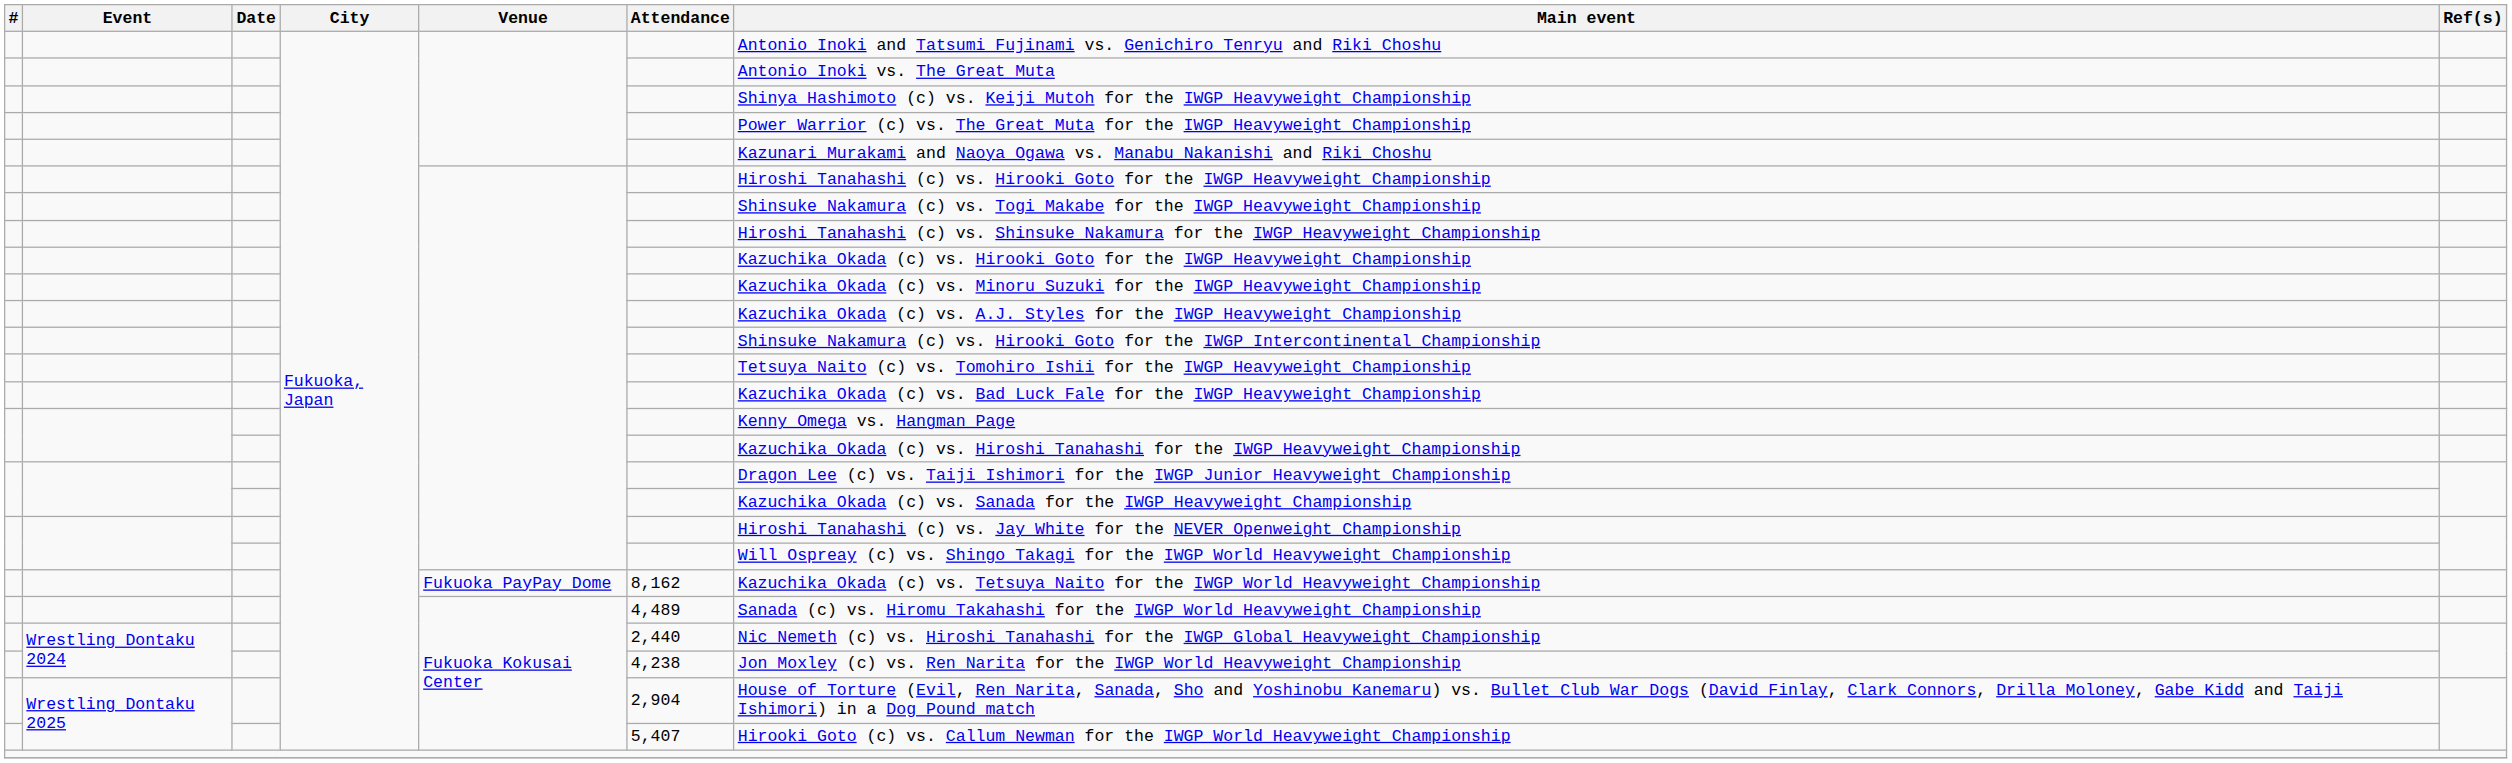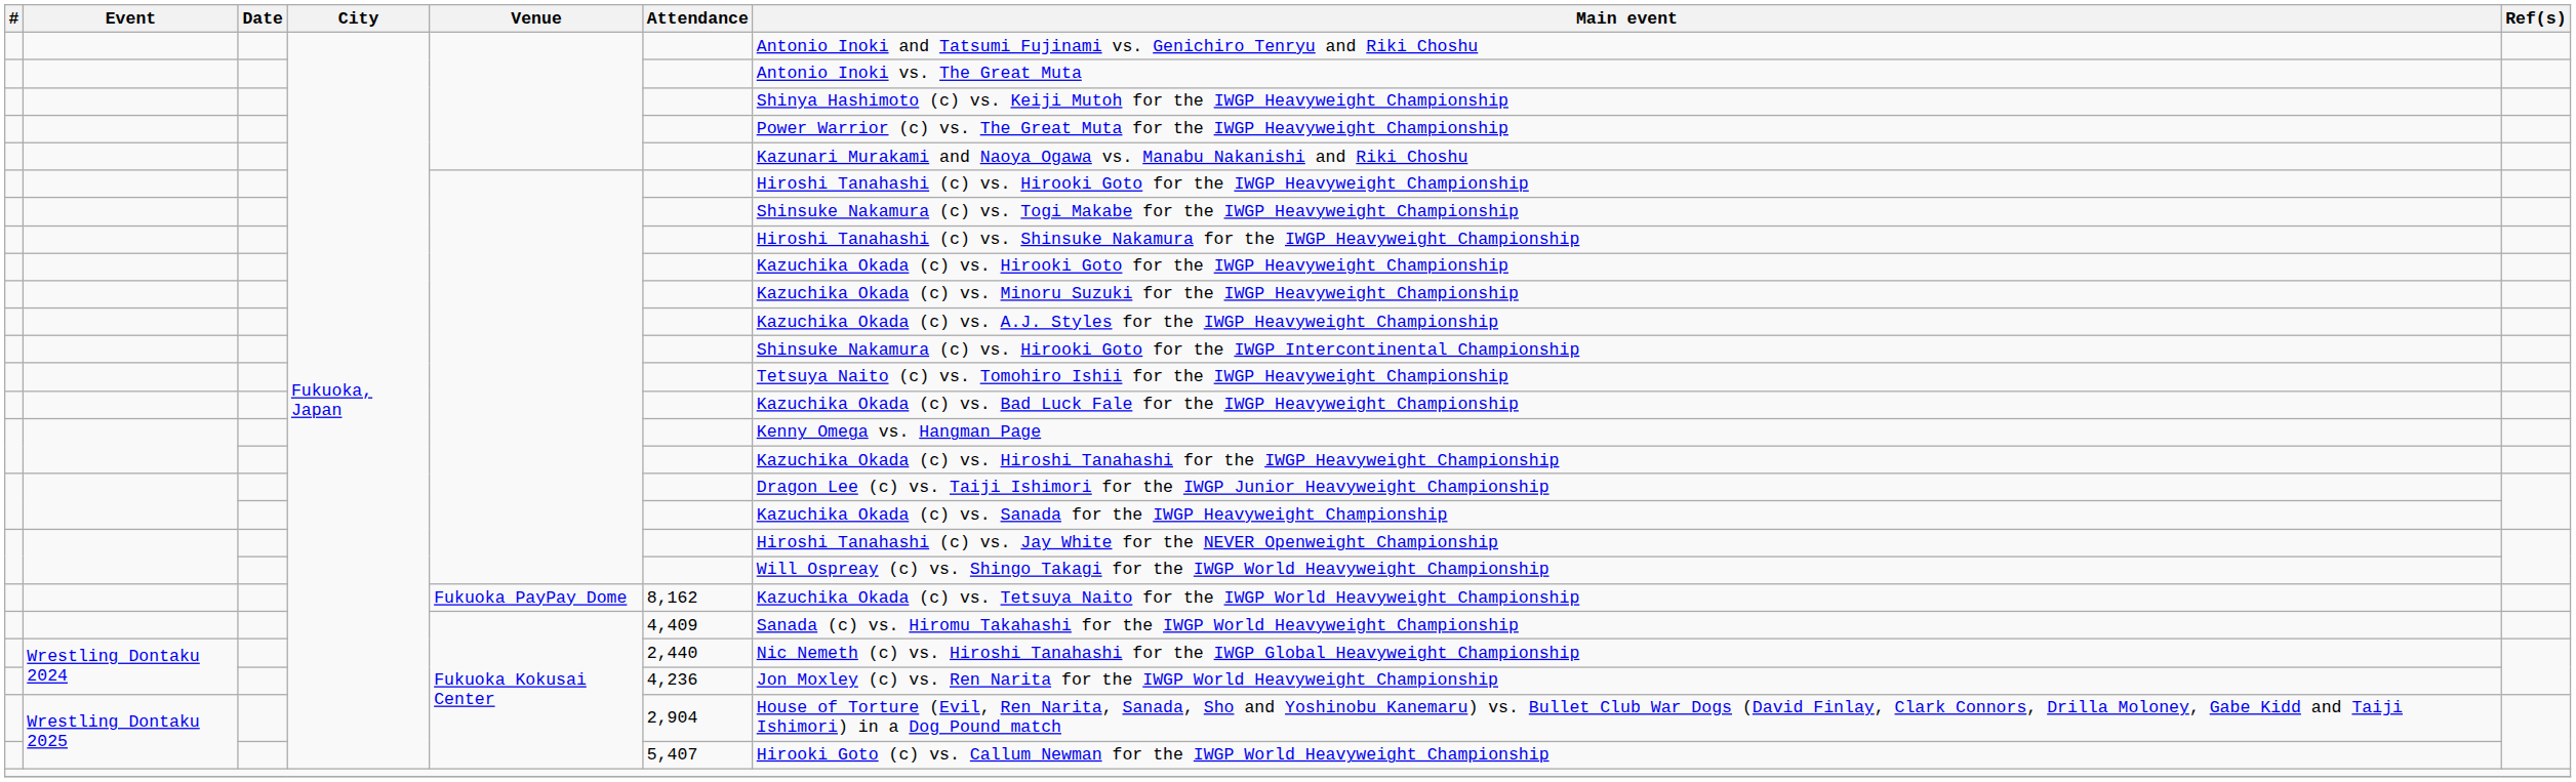 <table class="wikitable sortable" align="center">
 <tr>
 <th>#</th>
 <th>Event</th>
 <th>Date</th>
 <th>City</th>
 <th>Venue</th>
 <th>Attendance</th>
 <th>Main event</th>
 <th>Ref(s)</th>
 </tr>
 <tr>
 <td></td>
 <td></td>
 <td></td>
 <td rowspan="26"><a href='#'>Fukuoka, Japan</a></td>
 <td rowspan="5"></td>
 <td></td>
 <td align="left"><a href='#'>Antonio Inoki</a> and <a href='#'>Tatsumi Fujinami</a> vs. <a href='#'>Genichiro Tenryu</a> and <a href='#'>Riki Choshu</a></td>
 <td></td>
 </tr>
 <tr>
 <td></td>
 <td></td>
 <td></td>
 <td></td>
 <td align="left"><a href='#'>Antonio Inoki</a> vs. <a href='#'>The Great Muta</a></td>
 <td></td>
 </tr>
 <tr>
 <td></td>
 <td></td>
 <td></td>
 <td></td>
 <td align="left"><a href='#'>Shinya Hashimoto</a> (c) vs. <a href='#'>Keiji Mutoh</a> for the <a href='#'>IWGP Heavyweight Championship</a></td>
 <td></td>
 </tr>
 <tr>
 <td></td>
 <td></td>
 <td></td>
 <td></td>
 <td align="left"><a href='#'>Power Warrior</a> (c) vs. <a href='#'>The Great Muta</a> for the <a href='#'>IWGP Heavyweight Championship</a></td>
 <td></td>
 </tr>
 <tr>
 <td></td>
 <td></td>
 <td></td>
 <td></td>
 <td align="left"><a href='#'>Kazunari Murakami</a> and <a href='#'>Naoya Ogawa</a> vs. <a href='#'>Manabu Nakanishi</a> and <a href='#'>Riki Choshu</a></td>
 <td></td>
 </tr>
 <tr>
 <td></td>
 <td></td>
 <td></td>
 <td rowspan="15"></td>
 <td></td>
 <td align="left"><a href='#'>Hiroshi Tanahashi</a> (c) vs. <a href='#'>Hirooki Goto</a> for the <a href='#'>IWGP Heavyweight Championship</a></td>
 <td></td>
 </tr>
 <tr>
 <td></td>
 <td></td>
 <td></td>
 <td></td>
 <td align="left"><a href='#'>Shinsuke Nakamura</a> (c) vs. <a href='#'>Togi Makabe</a> for the <a href='#'>IWGP Heavyweight Championship</a></td>
 <td></td>
 </tr>
 <tr>
 <td></td>
 <td></td>
 <td></td>
 <td></td>
 <td align="left"><a href='#'>Hiroshi Tanahashi</a> (c) vs. <a href='#'>Shinsuke Nakamura</a> for the <a href='#'>IWGP Heavyweight Championship</a></td>
 <td></td>
 </tr>
 <tr>
 <td></td>
 <td></td>
 <td></td>
 <td></td>
 <td align="left"><a href='#'>Kazuchika Okada</a> (c) vs. <a href='#'>Hirooki Goto</a> for the <a href='#'>IWGP Heavyweight Championship</a></td>
 <td></td>
 </tr>
 <tr>
 <td></td>
 <td></td>
 <td></td>
 <td></td>
 <td align="left"><a href='#'>Kazuchika Okada</a> (c) vs. <a href='#'>Minoru Suzuki</a> for the <a href='#'>IWGP Heavyweight Championship</a></td>
 <td></td>
 </tr>
 <tr>
 <td></td>
 <td></td>
 <td></td>
 <td></td>
 <td align="left"><a href='#'>Kazuchika Okada</a> (c) vs. <a href='#'>A.J. Styles</a> for the <a href='#'>IWGP Heavyweight Championship</a></td>
 <td></td>
 </tr>
 <tr>
 <td></td>
 <td></td>
 <td></td>
 <td></td>
 <td align="left"><a href='#'>Shinsuke Nakamura</a> (c) vs. <a href='#'>Hirooki Goto</a> for the <a href='#'>IWGP Intercontinental Championship</a></td>
 <td></td>
 </tr>
 <tr>
 <td></td>
 <td></td>
 <td></td>
 <td></td>
 <td align="left"><a href='#'>Tetsuya Naito</a> (c) vs. <a href='#'>Tomohiro Ishii</a> for the <a href='#'>IWGP Heavyweight Championship</a></td>
 <td></td>
 </tr>
 <tr>
 <td></td>
 <td></td>
 <td></td>
 <td></td>
 <td align="left"><a href='#'>Kazuchika Okada</a> (c) vs. <a href='#'>Bad Luck Fale</a> for the <a href='#'>IWGP Heavyweight Championship</a></td>
 <td></td>
 </tr>
 <tr>
 <td rowspan="2"></td>
 <td rowspan="2"></td>
 <td></td>
 <td></td>
 <td align="left"><a href='#'>Kenny Omega</a> vs. <a href='#'>Hangman Page</a></td>
 <td></td>
 </tr>
 <tr>
 <td></td>
 <td></td>
 <td align="left"><a href='#'>Kazuchika Okada</a> (c) vs. <a href='#'>Hiroshi Tanahashi</a> for the <a href='#'>IWGP Heavyweight Championship</a></td>
 <td></td>
 </tr>
 <tr>
 <td rowspan="2"></td>
 <td rowspan="2"></td>
 <td></td>
 <td></td>
 <td><a href='#'>Dragon Lee</a> (c) vs. <a href='#'>Taiji Ishimori</a> for the <a href='#'>IWGP Junior Heavyweight Championship</a></td>
 <td rowspan="2"></td>
 </tr>
 <tr>
 <td></td>
 <td></td>
 <td><a href='#'>Kazuchika Okada</a> (c) vs. <a href='#'>Sanada</a> for the <a href='#'>IWGP Heavyweight Championship</a></td>
 </tr>
 <tr>
 <td rowspan="2"></td>
 <td rowspan="2"></td>
 <td></td>
 <td></td>
 <td><a href='#'>Hiroshi Tanahashi</a> (c) vs. <a href='#'>Jay White</a> for the <a href='#'>NEVER Openweight Championship</a></td>
 <td rowspan="2"></td>
 </tr>
 <tr>
 <td></td>
 <td></td>
 <td><a href='#'>Will Ospreay</a> (c) vs. <a href='#'>Shingo Takagi</a> for the <a href='#'>IWGP World Heavyweight Championship</a></td>
 </tr>
 <tr>
 <td></td>
 <td></td>
 <td></td>
 <td><a href='#'>Fukuoka PayPay Dome</a></td>
 <td>8,162</td>
 <td><a href='#'>Kazuchika Okada</a> (c) vs. <a href='#'>Tetsuya Naito</a> for the <a href='#'>IWGP World Heavyweight Championship</a></td>
 <td></td>
 </tr>
 <tr>
 <td></td>
 <td></td>
 <td></td>
 <td rowspan=5><a href='#'>Fukuoka Kokusai Center</a></td>
-<td>4,489</td>
+<td>4,409</td>
 <td><a href='#'>Sanada</a> (c) vs. <a href='#'>Hiromu Takahashi</a> for the <a href='#'>IWGP World Heavyweight Championship</a></td>
 <td></td>
 </tr>
 <tr>
 <td></td>
 <td rowspan=2><a href='#'>Wrestling Dontaku 2024</a></td>
 <td></td>
 <td>2,440</td>
 <td><a href='#'>Nic Nemeth</a> (c) vs. <a href='#'>Hiroshi Tanahashi</a> for the <a href='#'>IWGP Global Heavyweight Championship</a></td>
 <td rowspan=2></td>
 </tr>
 <tr>
 <td></td>
 <td></td>
-<td>4,238</td>
+<td>4,236</td>
 <td><a href='#'>Jon Moxley</a> (c) vs. <a href='#'>Ren Narita</a> for the <a href='#'>IWGP World Heavyweight Championship</a></td>
 </tr>
 <tr>
 <td></td>
 <td rowspan=2><a href='#'>Wrestling Dontaku 2025</a></td>
 <td></td>
 <td>2,904</td>
 <td><a href='#'>House of Torture</a> (<a href='#'>Evil</a>, <a href='#'>Ren Narita</a>, <a href='#'>Sanada</a>, <a href='#'>Sho</a> and <a href='#'>Yoshinobu Kanemaru</a>) vs. <a href='#'>Bullet Club War Dogs</a> (<a href='#'>David Finlay</a>, <a href='#'>Clark Connors</a>, <a href='#'>Drilla Moloney</a>, <a href='#'>Gabe Kidd</a> and <a href='#'>Taiji Ishimori</a>) in a <a href='#'>Dog Pound match</a></td>
 <td rowspan=2></td>
 </tr>
 <tr>
 <td></td>
 <td></td>
 <td>5,407</td>
 <td><a href='#'>Hirooki Goto</a> (c) vs. <a href='#'>Callum Newman</a> for the <a href='#'>IWGP World Heavyweight Championship</a></td>
 </tr>
 <tr>
 <td colspan="8"></td>
 </tr>
 <tr>
 </tr>
 </table>
